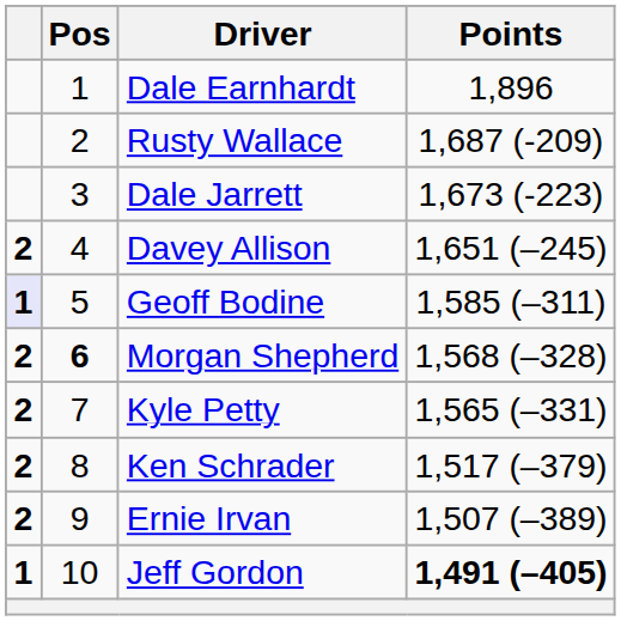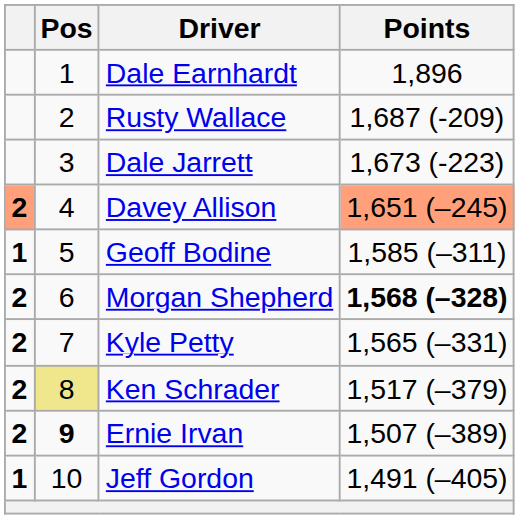 <table class="wikitable" style="font-size: 95%;">
 <tr>
 <th></th>
 <th>Pos</th>
 <th>Driver</th>
 <th>Points</th>
 </tr>
 <tr>
 <td align="left"></td>
 <td style="text-align:center;">1</td>
 <td><a href='#'>Dale Earnhardt</a></td>
 <td style="text-align:center;">1,896</td>
 </tr>
 <tr>
 <td align="left"></td>
 <td style="text-align:center;">2</td>
 <td><a href='#'>Rusty Wallace</a></td>
 <td style="text-align:center;">1,687 (-209)</td>
 </tr>
 <tr>
 <td align="left"></td>
 <td style="text-align:center;">3</td>
 <td><a href='#'>Dale Jarrett</a></td>
 <td style="text-align:center;">1,673 (-223)</td>
 </tr>
 <tr>
-<td align="left"> <strong>2</strong></td>
+<td align="left" style="background: lightsalmon;"> <strong>2</strong></td>
 <td style="text-align:center;">4</td>
 <td><a href='#'>Davey Allison</a></td>
-<td style="text-align:center;">1,651 (–245)</td>
+<td style="background: lightsalmon; text-align:center;">1,651 (–245)</td>
 </tr>
 <tr>
-<td align="left" style="background: lavender;"> <strong>1</strong></td>
+<td align="left"> <strong>1</strong></td>
 <td style="text-align:center;">5</td>
 <td><a href='#'>Geoff Bodine</a></td>
 <td style="text-align:center;">1,585 (–311)</td>
 </tr>
 <tr>
 <td align="left"> <strong>2</strong></td>
-<td style="text-align:center;"><strong>6</strong></td>
+<td style="text-align:center;">6</td>
 <td><a href='#'>Morgan Shepherd</a></td>
-<td style="text-align:center;">1,568 (–328)</td>
+<td style="text-align:center;"><strong>1,568 (–328)</strong></td>
 </tr>
 <tr>
 <td align="left"> <strong>2</strong></td>
 <td style="text-align:center;">7</td>
 <td><a href='#'>Kyle Petty</a></td>
 <td style="text-align:center;">1,565 (–331)</td>
 </tr>
 <tr>
 <td align="left"> <strong>2</strong></td>
-<td style="text-align:center;">8</td>
+<td style="background: khaki; text-align:center;">8</td>
 <td><a href='#'>Ken Schrader</a></td>
 <td style="text-align:center;">1,517 (–379)</td>
 </tr>
 <tr>
 <td align="left"> <strong>2</strong></td>
-<td style="text-align:center;">9</td>
+<td style="text-align:center;"><strong>9</strong></td>
 <td><a href='#'>Ernie Irvan</a></td>
 <td style="text-align:center;">1,507 (–389)</td>
 </tr>
 <tr>
 <td align="left"> <strong>1</strong></td>
 <td style="text-align:center;">10</td>
 <td><a href='#'>Jeff Gordon</a></td>
-<td style="text-align:center;"><strong>1,491 (–405)</strong></td>
+<td style="text-align:center;">1,491 (–405)</td>
 </tr>
 <tr class="sortbottom">
 <th colspan="9"></th>
 </tr>
 </table>
